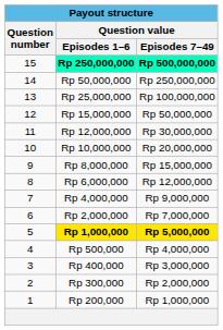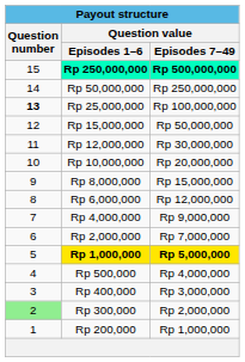 <table class="wikitable" style="text-align:center;">
 <tr>
 <th colspan="3" style="background: #58B9E4">Payout structure</th>
 </tr>
 <tr>
 <th rowspan="2">Question<br>number</th>
 <th colspan="2">Question value</th>
 </tr>
 <tr>
 <th>Episodes 1–6</th>
 <th>Episodes 7–49</th>
 </tr>
 <tr>
 <td>15</td>
 <td style="background: #00FFBF"><strong>Rp 250,000,000</strong></td>
 <td style="background: #00FFBF"><strong>Rp 500,000,000</strong></td>
 </tr>
 <tr>
 <td>14</td>
 <td>Rp 50,000,000</td>
 <td>Rp 250,000,000</td>
 </tr>
 <tr>
-<td>13</td>
+<td><strong>13</strong></td>
 <td>Rp 25,000,000</td>
 <td>Rp 100,000,000</td>
 </tr>
 <tr>
 <td>12</td>
 <td>Rp 15,000,000</td>
 <td>Rp 50,000,000</td>
 </tr>
 <tr>
 <td>11</td>
 <td>Rp 12,000,000</td>
 <td>Rp 30,000,000</td>
 </tr>
 <tr>
 <td>10</td>
 <td>Rp 10,000,000</td>
 <td>Rp 20,000,000</td>
 </tr>
 <tr>
 <td>9</td>
 <td>Rp 8,000,000</td>
 <td>Rp 15,000,000</td>
 </tr>
 <tr>
 <td>8</td>
 <td>Rp 6,000,000</td>
 <td>Rp 12,000,000</td>
 </tr>
 <tr>
 <td>7</td>
 <td>Rp 4,000,000</td>
 <td>Rp 9,000,000</td>
 </tr>
 <tr>
 <td>6</td>
 <td>Rp 2,000,000</td>
 <td>Rp 7,000,000</td>
 </tr>
 <tr>
 <td>5</td>
 <td style="background: #FFE600"><strong>Rp 1,000,000</strong></td>
 <td style="background: #FFE600"><strong>Rp 5,000,000</strong></td>
 </tr>
 <tr>
 <td>4</td>
 <td>Rp 500,000</td>
 <td>Rp 4,000,000</td>
 </tr>
 <tr>
 <td>3</td>
 <td>Rp 400,000</td>
 <td>Rp 3,000,000</td>
 </tr>
 <tr>
-<td>2</td>
+<td style="background: lightgreen;">2</td>
 <td>Rp 300,000</td>
 <td>Rp 2,000,000</td>
 </tr>
 <tr>
 <td>1</td>
 <td>Rp 200,000</td>
 <td>Rp 1,000,000</td>
 </tr>
 <tr>
 <th colspan="3" style="text-align:left"><br></th>
 </tr>
 </table>
